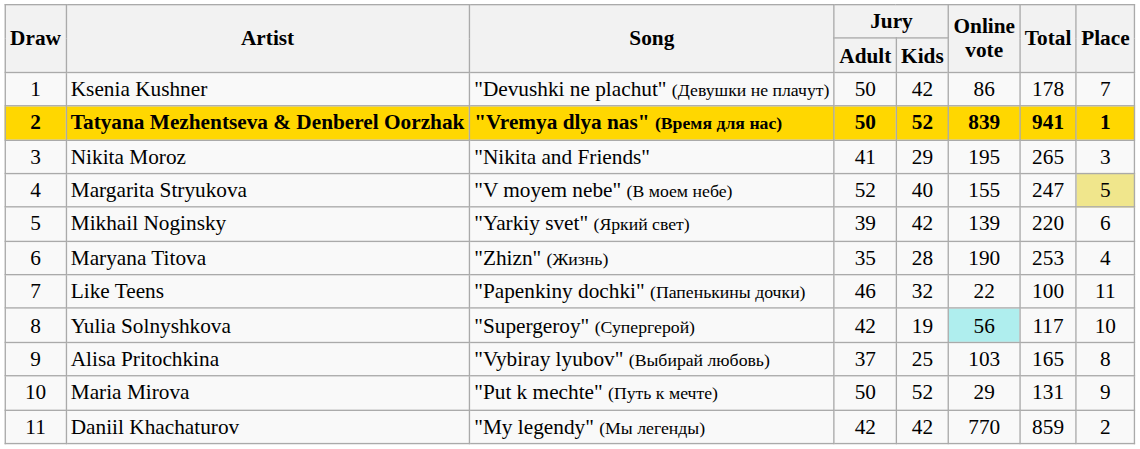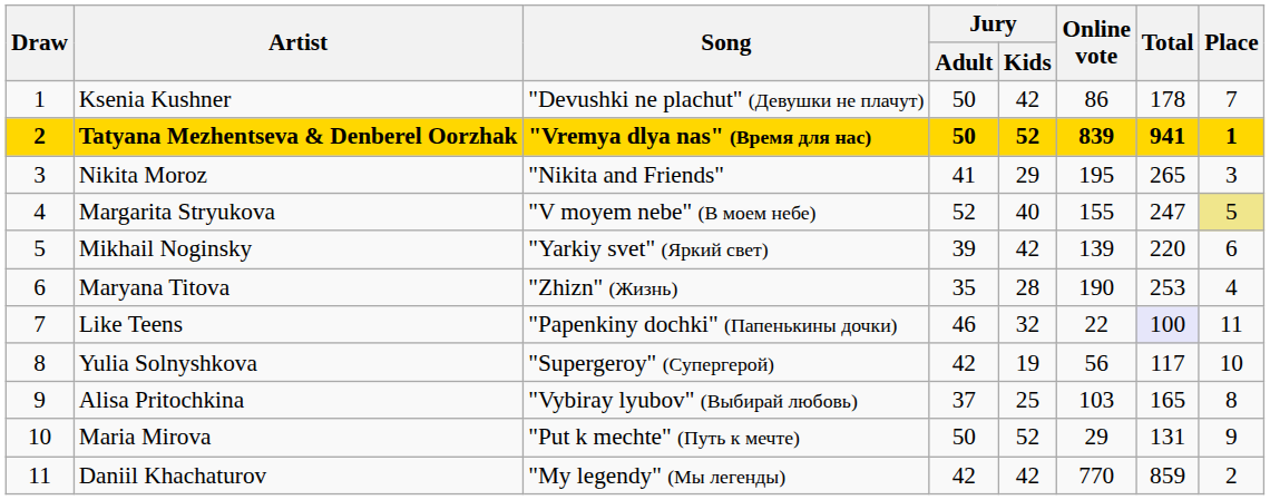 <table class="sortable wikitable" style="margin: 1em auto 1em auto">
 <tr>
 <th rowspan="2">Draw</th>
 <th rowspan="2">Artist</th>
 <th rowspan="2">Song</th>
 <th colspan="2">Jury</th>
 <th rowspan="2">Online<br>vote</th>
 <th rowspan="2">Total</th>
 <th rowspan="2">Place</th>
 </tr>
 <tr>
 <th>Adult</th>
 <th>Kids</th>
 </tr>
 <tr>
 <td align=center>1</td>
 <td>Ksenia Kushner</td>
 <td>"Devushki ne plachut" <small>(Девушки не плачут)</small></td>
 <td align="center">50</td>
 <td align="center">42</td>
 <td align=center>86</td>
 <td align=center>178</td>
 <td align=center>7</td>
 </tr>
 <tr style="background:gold; font-weight:bold;">
 <td align=center>2</td>
 <td>Tatyana Mezhentseva & Denberel Oorzhak</td>
 <td>"Vremya dlya nas" <small>(Время для нас)</small></td>
 <td align="center">50</td>
 <td align="center">52</td>
 <td align=center>839</td>
 <td align=center>941</td>
 <td align=center>1</td>
 </tr>
 <tr>
 <td align=center>3</td>
 <td>Nikita Moroz</td>
 <td>"Nikita and Friends"</td>
 <td align="center">41</td>
 <td align="center">29</td>
 <td align=center>195</td>
 <td align=center>265</td>
 <td align=center>3</td>
 </tr>
 <tr>
 <td align=center>4</td>
 <td>Margarita Stryukova</td>
 <td>"V moyem nebe" <small>(В моем небе)</small></td>
 <td align="center">52</td>
 <td align="center">40</td>
 <td align=center>155</td>
 <td align=center>247</td>
 <td align=center style="background: khaki;">5</td>
 </tr>
 <tr>
 <td align=center>5</td>
 <td>Mikhail Noginsky</td>
 <td>"Yarkiy svet" <small>(Яркий свет)</small></td>
 <td align="center">39</td>
 <td align="center">42</td>
 <td align=center>139</td>
 <td align=center>220</td>
 <td align=center>6</td>
 </tr>
 <tr>
 <td align=center>6</td>
 <td>Maryana Titova</td>
 <td>"Zhizn" <small>(Жизнь)</small></td>
 <td align="center">35</td>
 <td align="center">28</td>
 <td align=center>190</td>
 <td align=center>253</td>
 <td align=center>4</td>
 </tr>
 <tr>
 <td align=center>7</td>
 <td>Like Teens</td>
 <td>"Papenkiny dochki" <small>(Папенькины дочки)</small></td>
 <td align="center">46</td>
 <td align="center">32</td>
 <td align=center>22</td>
-<td align=center>100</td>
+<td align=center style="background: lavender;">100</td>
 <td align=center>11</td>
 </tr>
 <tr>
 <td align=center>8</td>
 <td>Yulia Solnyshkova</td>
 <td>"Supergeroy" <small>(Супергерой)</small></td>
 <td align="center">42</td>
 <td align="center">19</td>
-<td align=center style="background: paleturquoise;">56</td>
+<td align=center>56</td>
 <td align=center>117</td>
 <td align=center>10</td>
 </tr>
 <tr>
 <td align=center>9</td>
 <td>Alisa Pritochkina</td>
 <td>"Vybiray lyubov" <small>(Выбирай любовь)</small></td>
 <td align="center">37</td>
 <td align="center">25</td>
 <td align=center>103</td>
 <td align=center>165</td>
 <td align=center>8</td>
 </tr>
 <tr>
 <td align=center>10</td>
 <td>Maria Mirova</td>
 <td>"Put k mechte" <small>(Путь к мечте)</small></td>
 <td align="center">50</td>
 <td align="center">52</td>
 <td align=center>29</td>
 <td align=center>131</td>
 <td align=center>9</td>
 </tr>
 <tr>
 <td align=center>11</td>
 <td>Daniil Khachaturov</td>
 <td>"My legendy" <small>(Мы легенды)</small></td>
 <td align="center">42</td>
 <td align="center">42</td>
 <td align=center>770</td>
 <td align=center>859</td>
 <td align=center>2</td>
 </tr>
 </table>
